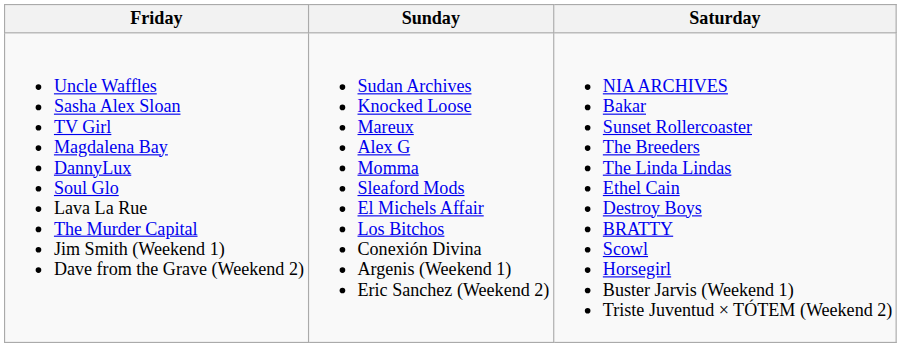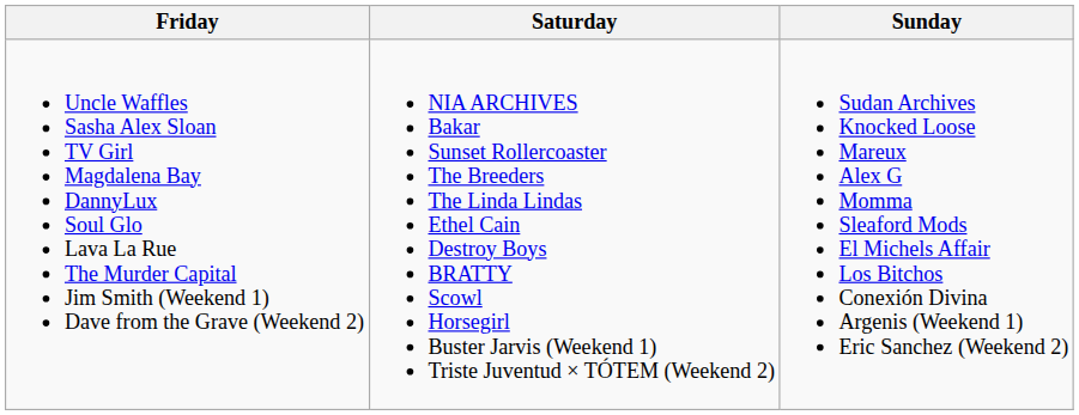 <table class="wikitable">
 <tr>
 <th>Friday</th>
+<th>Saturday</th>
 <th>Sunday</th>
-<th>Saturday</th>
 </tr>
 <tr valign="top">
 <td><br><ul><li><a href='#'>Uncle Waffles</a></li><li><a href='#'>Sasha Alex Sloan</a></li><li><a href='#'>TV Girl</a></li><li><a href='#'>Magdalena Bay</a></li><li><a href='#'>DannyLux</a></li><li><a href='#'>Soul Glo</a></li><li>Lava La Rue</li><li><a href='#'>The Murder Capital</a></li><li>Jim Smith (Weekend 1)</li><li>Dave from the Grave (Weekend 2)</li></ul></td>
+<td><br><ul><li><a href='#'>NIA ARCHIVES</a></li><li><a href='#'>Bakar</a></li><li><a href='#'>Sunset Rollercoaster</a></li><li><a href='#'>The Breeders</a></li><li><a href='#'>The Linda Lindas</a></li><li><a href='#'>Ethel Cain</a></li><li><a href='#'>Destroy Boys</a></li><li><a href='#'>BRATTY</a></li><li><a href='#'>Scowl</a></li><li><a href='#'>Horsegirl</a></li><li>Buster Jarvis (Weekend 1)</li><li>Triste Juventud × TÓTEM (Weekend 2)</li></ul></td>
 <td><br><ul><li><a href='#'>Sudan Archives</a></li><li><a href='#'>Knocked Loose</a></li><li><a href='#'>Mareux</a></li><li><a href='#'>Alex G</a></li><li><a href='#'>Momma</a></li><li><a href='#'>Sleaford Mods</a></li><li><a href='#'>El Michels Affair</a></li><li><a href='#'>Los Bitchos</a></li><li>Conexión Divina</li><li>Argenis (Weekend 1)</li><li>Eric Sanchez (Weekend 2)</li></ul></td>
-<td><br><ul><li><a href='#'>NIA ARCHIVES</a></li><li><a href='#'>Bakar</a></li><li><a href='#'>Sunset Rollercoaster</a></li><li><a href='#'>The Breeders</a></li><li><a href='#'>The Linda Lindas</a></li><li><a href='#'>Ethel Cain</a></li><li><a href='#'>Destroy Boys</a></li><li><a href='#'>BRATTY</a></li><li><a href='#'>Scowl</a></li><li><a href='#'>Horsegirl</a></li><li>Buster Jarvis (Weekend 1)</li><li>Triste Juventud × TÓTEM (Weekend 2)</li></ul></td>
 </tr>
 </table>
